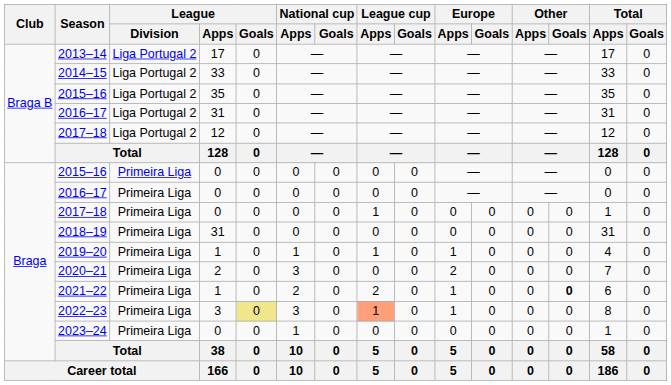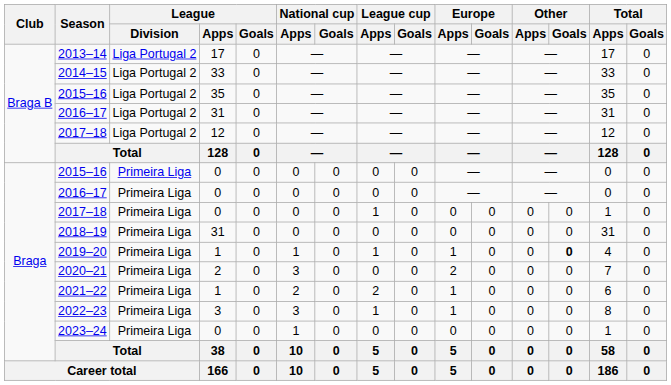 <table class="wikitable" style="text-align: center;">
 <tr>
 <th rowspan="2">Club</th>
 <th rowspan="2">Season</th>
 <th colspan="3">League</th>
 <th colspan="2">National cup</th>
 <th colspan="2">League cup</th>
 <th colspan="2">Europe</th>
 <th colspan="2">Other</th>
 <th colspan="2">Total</th>
 </tr>
 <tr>
 <th>Division</th>
 <th>Apps</th>
 <th>Goals</th>
 <th>Apps</th>
 <th>Goals</th>
 <th>Apps</th>
 <th>Goals</th>
 <th>Apps</th>
 <th>Goals</th>
 <th>Apps</th>
 <th>Goals</th>
 <th>Apps</th>
 <th>Goals</th>
 </tr>
 <tr>
 <td rowspan="6"><a href='#'>Braga B</a></td>
 <td><a href='#'>2013–14</a></td>
 <td><a href='#'>Liga Portugal 2</a></td>
 <td>17</td>
 <td>0</td>
 <td colspan="2">—</td>
 <td colspan="2">—</td>
 <td colspan="2">—</td>
 <td colspan="2">—</td>
 <td>17</td>
 <td>0</td>
 </tr>
 <tr>
 <td><a href='#'>2014–15</a></td>
 <td>Liga Portugal 2</td>
 <td>33</td>
 <td>0</td>
 <td colspan="2">—</td>
 <td colspan="2">—</td>
 <td colspan="2">—</td>
 <td colspan="2">—</td>
 <td>33</td>
 <td>0</td>
 </tr>
 <tr>
 <td><a href='#'>2015–16</a></td>
 <td>Liga Portugal 2</td>
 <td>35</td>
 <td>0</td>
 <td colspan="2">—</td>
 <td colspan="2">—</td>
 <td colspan="2">—</td>
 <td colspan="2">—</td>
 <td>35</td>
 <td>0</td>
 </tr>
 <tr>
 <td><a href='#'>2016–17</a></td>
 <td>Liga Portugal 2</td>
 <td>31</td>
 <td>0</td>
 <td colspan="2">—</td>
 <td colspan="2">—</td>
 <td colspan="2">—</td>
 <td colspan="2">—</td>
 <td>31</td>
 <td>0</td>
 </tr>
 <tr>
 <td><a href='#'>2017–18</a></td>
 <td>Liga Portugal 2</td>
 <td>12</td>
 <td>0</td>
 <td colspan="2">—</td>
 <td colspan="2">—</td>
 <td colspan="2">—</td>
 <td colspan="2">—</td>
 <td>12</td>
 <td>0</td>
 </tr>
 <tr>
 <th colspan=2>Total</th>
 <th>128</th>
 <th>0</th>
 <th colspan="2">—</th>
 <th colspan="2">—</th>
 <th colspan="2">—</th>
 <th colspan="2">—</th>
 <th>128</th>
 <th>0</th>
 </tr>
 <tr>
 <td rowspan=10><a href='#'>Braga</a></td>
 <td><a href='#'>2015–16</a></td>
 <td><a href='#'>Primeira Liga</a></td>
 <td>0</td>
 <td>0</td>
 <td>0</td>
 <td>0</td>
 <td>0</td>
 <td>0</td>
 <td colspan=2>—</td>
 <td colspan=2>—</td>
 <td>0</td>
 <td>0</td>
 </tr>
 <tr>
 <td><a href='#'>2016–17</a></td>
 <td>Primeira Liga</td>
 <td>0</td>
 <td>0</td>
 <td>0</td>
 <td>0</td>
 <td>0</td>
 <td>0</td>
 <td colspan=2>—</td>
 <td colspan=2>—</td>
 <td>0</td>
 <td>0</td>
 </tr>
 <tr>
 <td><a href='#'>2017–18</a></td>
 <td>Primeira Liga</td>
 <td>0</td>
 <td>0</td>
 <td>0</td>
 <td>0</td>
 <td>1</td>
 <td>0</td>
 <td>0</td>
 <td>0</td>
 <td>0</td>
 <td>0</td>
 <td>1</td>
 <td>0</td>
 </tr>
 <tr>
 <td><a href='#'>2018–19</a></td>
 <td>Primeira Liga</td>
 <td>31</td>
 <td>0</td>
 <td>0</td>
 <td>0</td>
 <td>0</td>
 <td>0</td>
 <td>0</td>
 <td>0</td>
 <td>0</td>
 <td>0</td>
 <td>31</td>
 <td>0</td>
 </tr>
 <tr>
 <td><a href='#'>2019–20</a></td>
 <td>Primeira Liga</td>
 <td>1</td>
 <td>0</td>
 <td>1</td>
 <td>0</td>
 <td>1</td>
 <td>0</td>
 <td>1</td>
 <td>0</td>
 <td>0</td>
-<td>0</td>
+<td><strong>0</strong></td>
 <td>4</td>
 <td>0</td>
 </tr>
 <tr>
 <td><a href='#'>2020–21</a></td>
 <td>Primeira Liga</td>
 <td>2</td>
 <td>0</td>
 <td>3</td>
 <td>0</td>
 <td>0</td>
 <td>0</td>
 <td>2</td>
 <td>0</td>
 <td>0</td>
 <td>0</td>
 <td>7</td>
 <td>0</td>
 </tr>
 <tr>
 <td><a href='#'>2021–22</a></td>
 <td>Primeira Liga</td>
 <td>1</td>
 <td>0</td>
 <td>2</td>
 <td>0</td>
 <td>2</td>
 <td>0</td>
 <td>1</td>
 <td>0</td>
 <td>0</td>
-<td><strong>0</strong></td>
+<td>0</td>
 <td>6</td>
 <td>0</td>
 </tr>
 <tr>
 <td><a href='#'>2022–23</a></td>
 <td>Primeira Liga</td>
 <td>3</td>
-<td style="background: khaki;">0</td>
+<td>0</td>
 <td>3</td>
 <td>0</td>
-<td style="background: lightsalmon;">1</td>
+<td>1</td>
 <td>0</td>
 <td>1</td>
 <td>0</td>
 <td>0</td>
 <td>0</td>
 <td>8</td>
 <td>0</td>
 </tr>
 <tr>
 <td><a href='#'>2023–24</a></td>
 <td>Primeira Liga</td>
 <td>0</td>
 <td>0</td>
 <td>1</td>
 <td>0</td>
 <td>0</td>
 <td>0</td>
 <td>0</td>
 <td>0</td>
 <td>0</td>
 <td>0</td>
 <td>1</td>
 <td>0</td>
 </tr>
 <tr>
 <th colspan=2>Total</th>
 <th>38</th>
 <th>0</th>
 <th>10</th>
 <th>0</th>
 <th>5</th>
 <th>0</th>
 <th>5</th>
 <th>0</th>
 <th>0</th>
 <th>0</th>
 <th>58</th>
 <th>0</th>
 </tr>
 <tr>
 <th colspan=3>Career total</th>
 <th>166</th>
 <th>0</th>
 <th>10</th>
 <th>0</th>
 <th>5</th>
 <th>0</th>
 <th>5</th>
 <th>0</th>
 <th>0</th>
 <th>0</th>
 <th>186</th>
 <th>0</th>
 </tr>
 </table>
